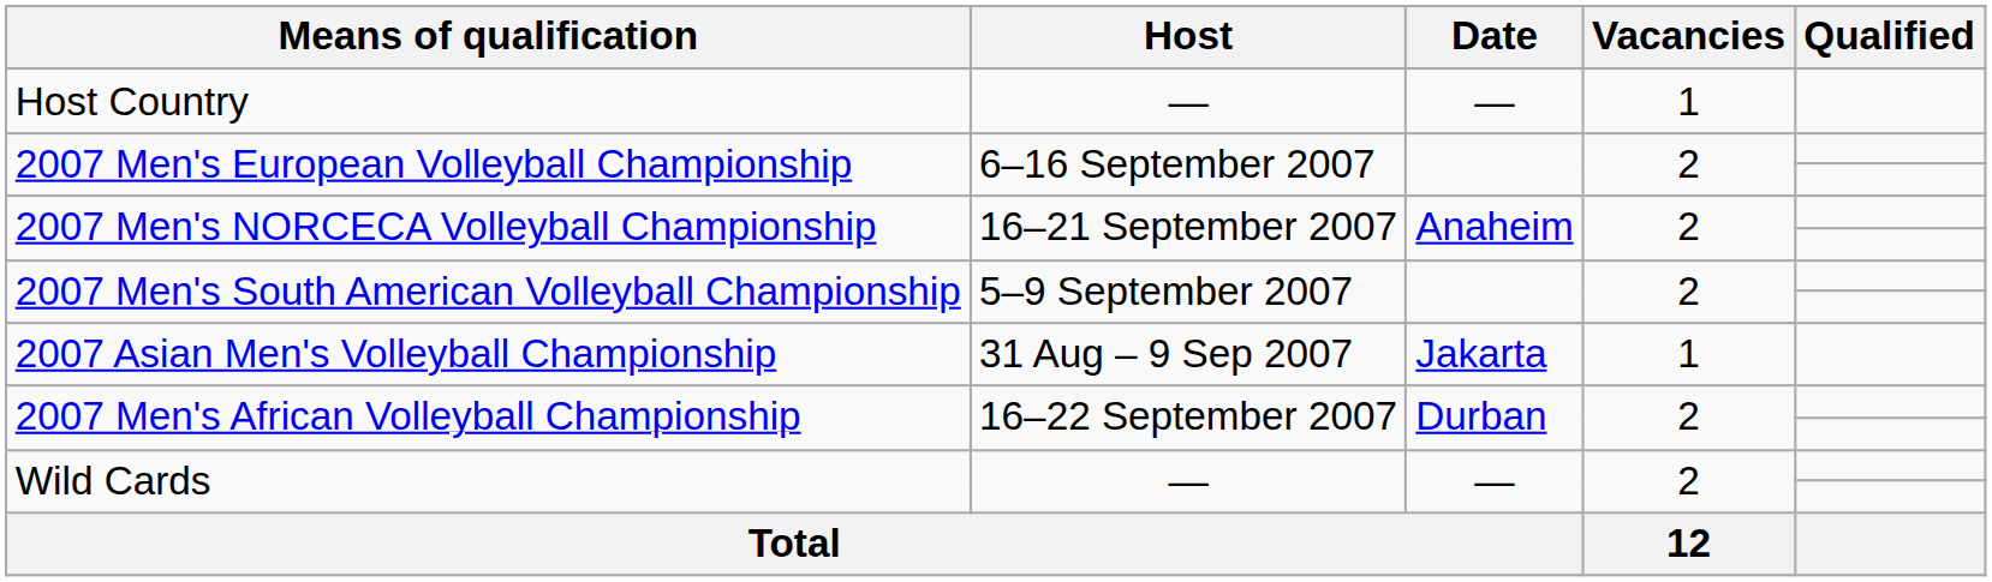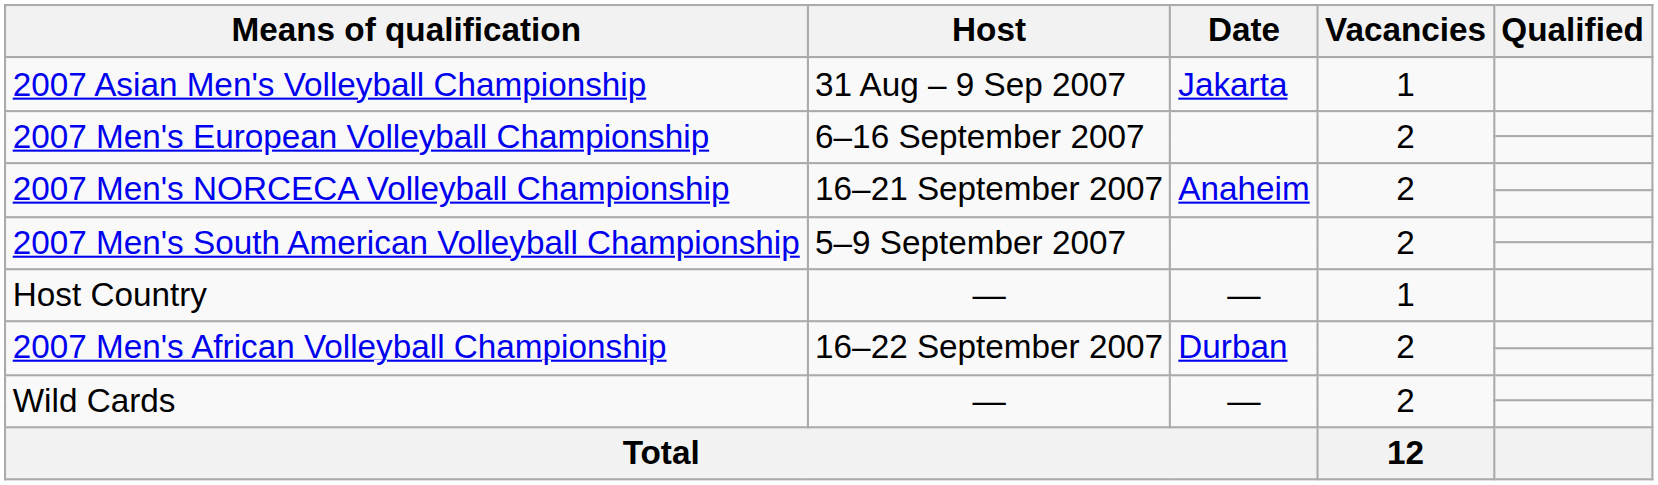 <table class="wikitable">
 <tr>
 <th>Means of qualification</th>
 <th>Host</th>
 <th>Date</th>
 <th>Vacancies</th>
 <th>Qualified</th>
 </tr>
 <tr>
-<td>Host Country</td>
-<td align=center>—</td>
-<td align=center>―</td>
+<td><a href='#'>2007 Asian Men's Volleyball Championship</a></td>
+<td>31 Aug – 9 Sep 2007</td>
+<td> <a href='#'>Jakarta</a></td>
 <td align=center>1</td>
 <td></td>
 </tr>
 <tr>
 <td rowspan=2><a href='#'>2007 Men's European Volleyball Championship</a></td>
 <td rowspan=2>6–16 September 2007</td>
 <td rowspan=2></td>
 <td rowspan=2 align=center>2</td>
 <td></td>
 </tr>
 <tr>
 <td></td>
 </tr>
 <tr>
 <td rowspan=2><a href='#'>2007 Men's NORCECA Volleyball Championship</a></td>
 <td rowspan=2>16–21 September 2007</td>
 <td rowspan=2> <a href='#'>Anaheim</a></td>
 <td rowspan=2 align=center>2</td>
 <td></td>
 </tr>
 <tr>
 <td></td>
 </tr>
 <tr>
 <td rowspan=2><a href='#'>2007 Men's South American Volleyball Championship</a></td>
 <td rowspan=2>5–9 September 2007</td>
 <td rowspan=2></td>
 <td rowspan=2 align=center>2</td>
 <td></td>
 </tr>
 <tr>
 <td></td>
 </tr>
 <tr>
-<td><a href='#'>2007 Asian Men's Volleyball Championship</a></td>
-<td>31 Aug – 9 Sep 2007</td>
-<td> <a href='#'>Jakarta</a></td>
+<td>Host Country</td>
+<td align=center>—</td>
+<td align=center>―</td>
 <td align=center>1</td>
 <td></td>
 </tr>
 <tr>
 <td rowspan=2><a href='#'>2007 Men's African Volleyball Championship</a></td>
 <td rowspan=2>16–22 September 2007</td>
 <td rowspan=2> <a href='#'>Durban</a></td>
 <td rowspan=2 align=center>2</td>
 <td></td>
 </tr>
 <tr>
 <td></td>
 </tr>
 <tr>
 <td rowspan=2>Wild Cards</td>
 <td rowspan=2 align=center>―</td>
 <td rowspan=2 align=center>―</td>
 <td rowspan=2 align=center>2</td>
 <td></td>
 </tr>
 <tr>
 <td></td>
 </tr>
 <tr>
 <th colspan="3">Total</th>
 <th>12</th>
 <th></th>
 </tr>
 </table>
